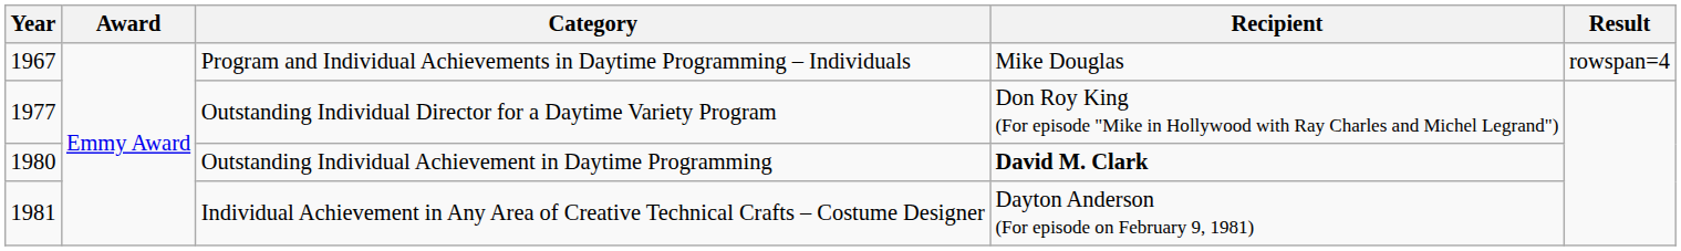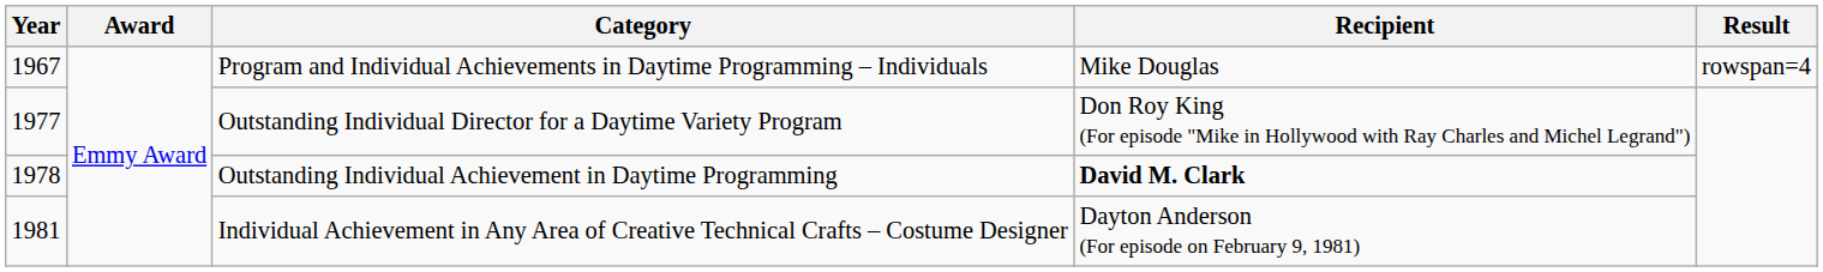 <table class="wikitable" style="font-size: 90%;">
 <tr>
 <th>Year</th>
 <th>Award</th>
 <th>Category</th>
 <th>Recipient</th>
 <th>Result</th>
 </tr>
 <tr>
 <td>1967</td>
 <td rowspan=4><a href='#'>Emmy Award</a></td>
 <td>Program and Individual Achievements in Daytime Programming – Individuals</td>
 <td>Mike Douglas</td>
 <td>rowspan=4 </td>
 </tr>
 <tr>
 <td>1977</td>
 <td>Outstanding Individual Director for a Daytime Variety Program</td>
 <td>Don Roy King<br><small>(For episode "Mike in Hollywood with Ray Charles and Michel Legrand")</small></td>
 </tr>
 <tr>
-<td>1980</td>
+<td>1978</td>
 <td>Outstanding Individual Achievement in Daytime Programming</td>
 <td><strong>David M. Clark</strong></td>
 </tr>
 <tr>
 <td>1981</td>
 <td>Individual Achievement in Any Area of Creative Technical Crafts – Costume Designer</td>
 <td>Dayton Anderson<br><small>(For episode on February 9, 1981)</small></td>
 </tr>
 </table>
